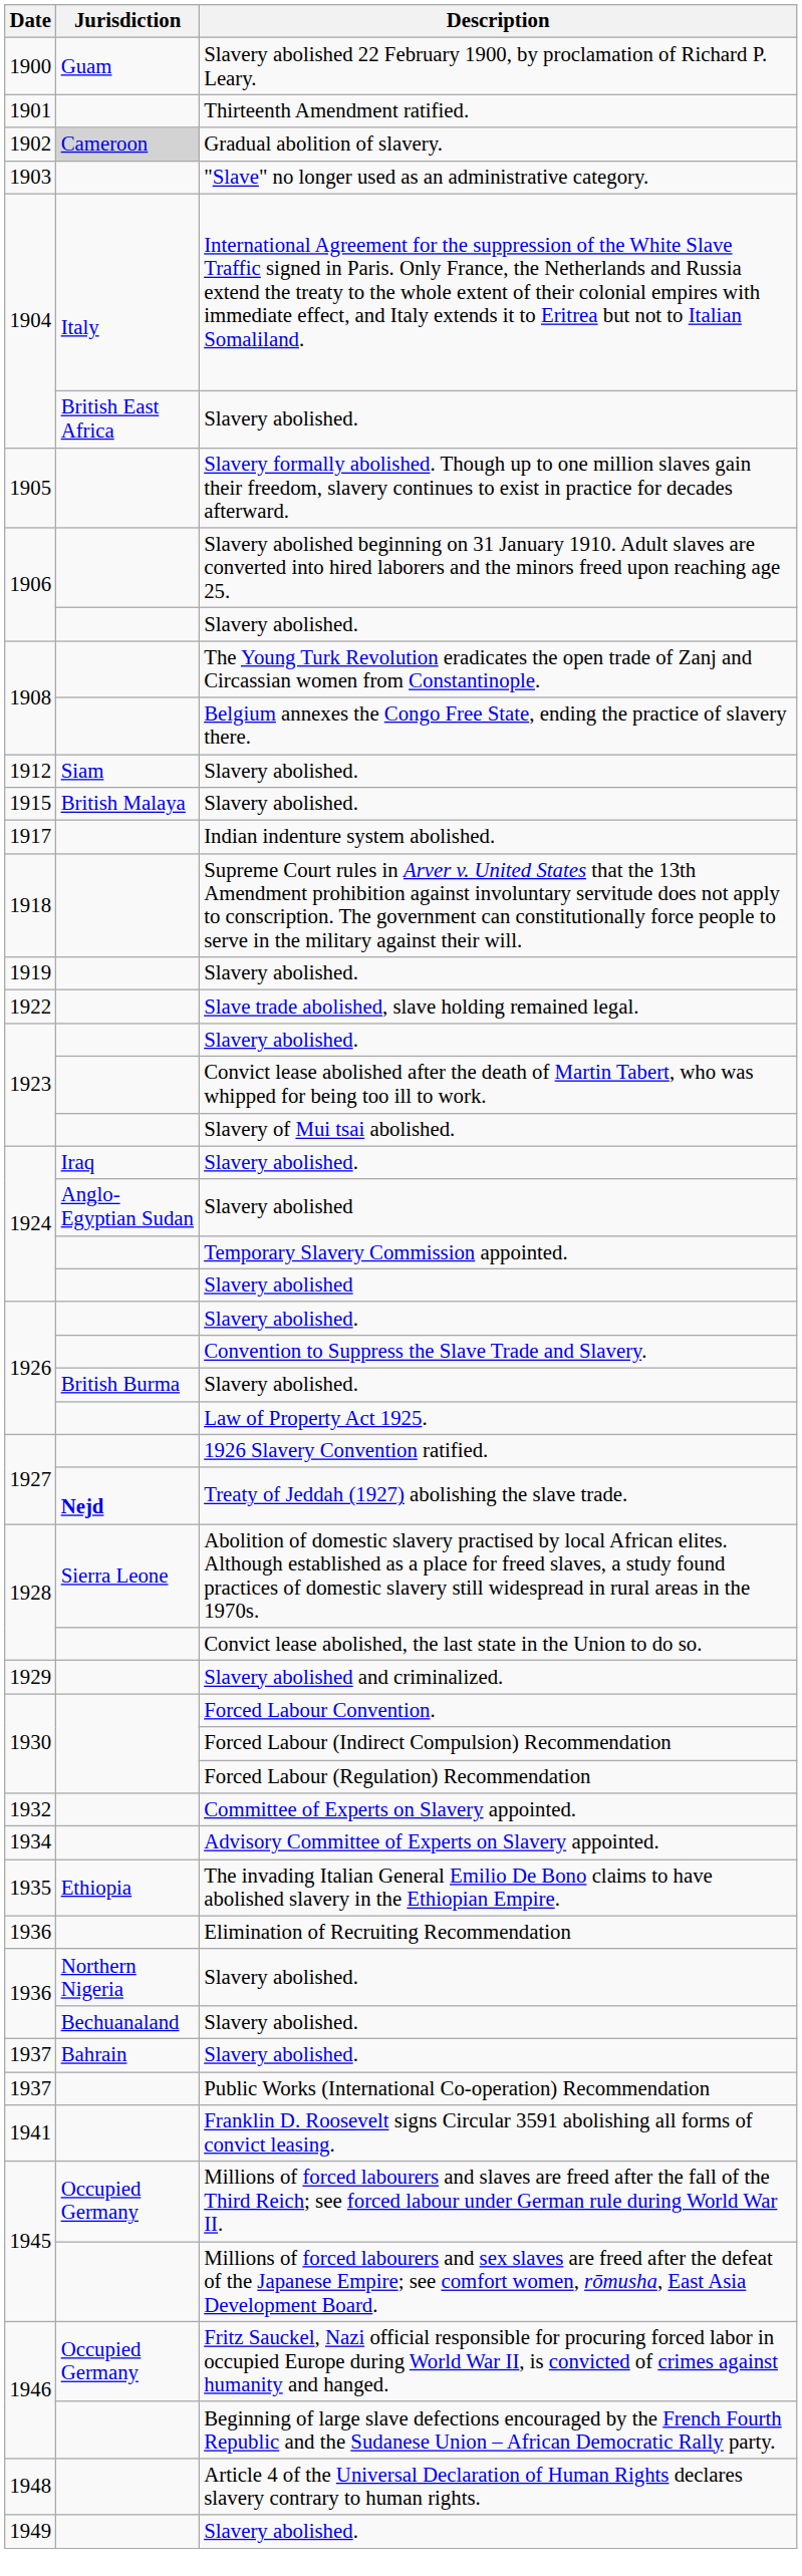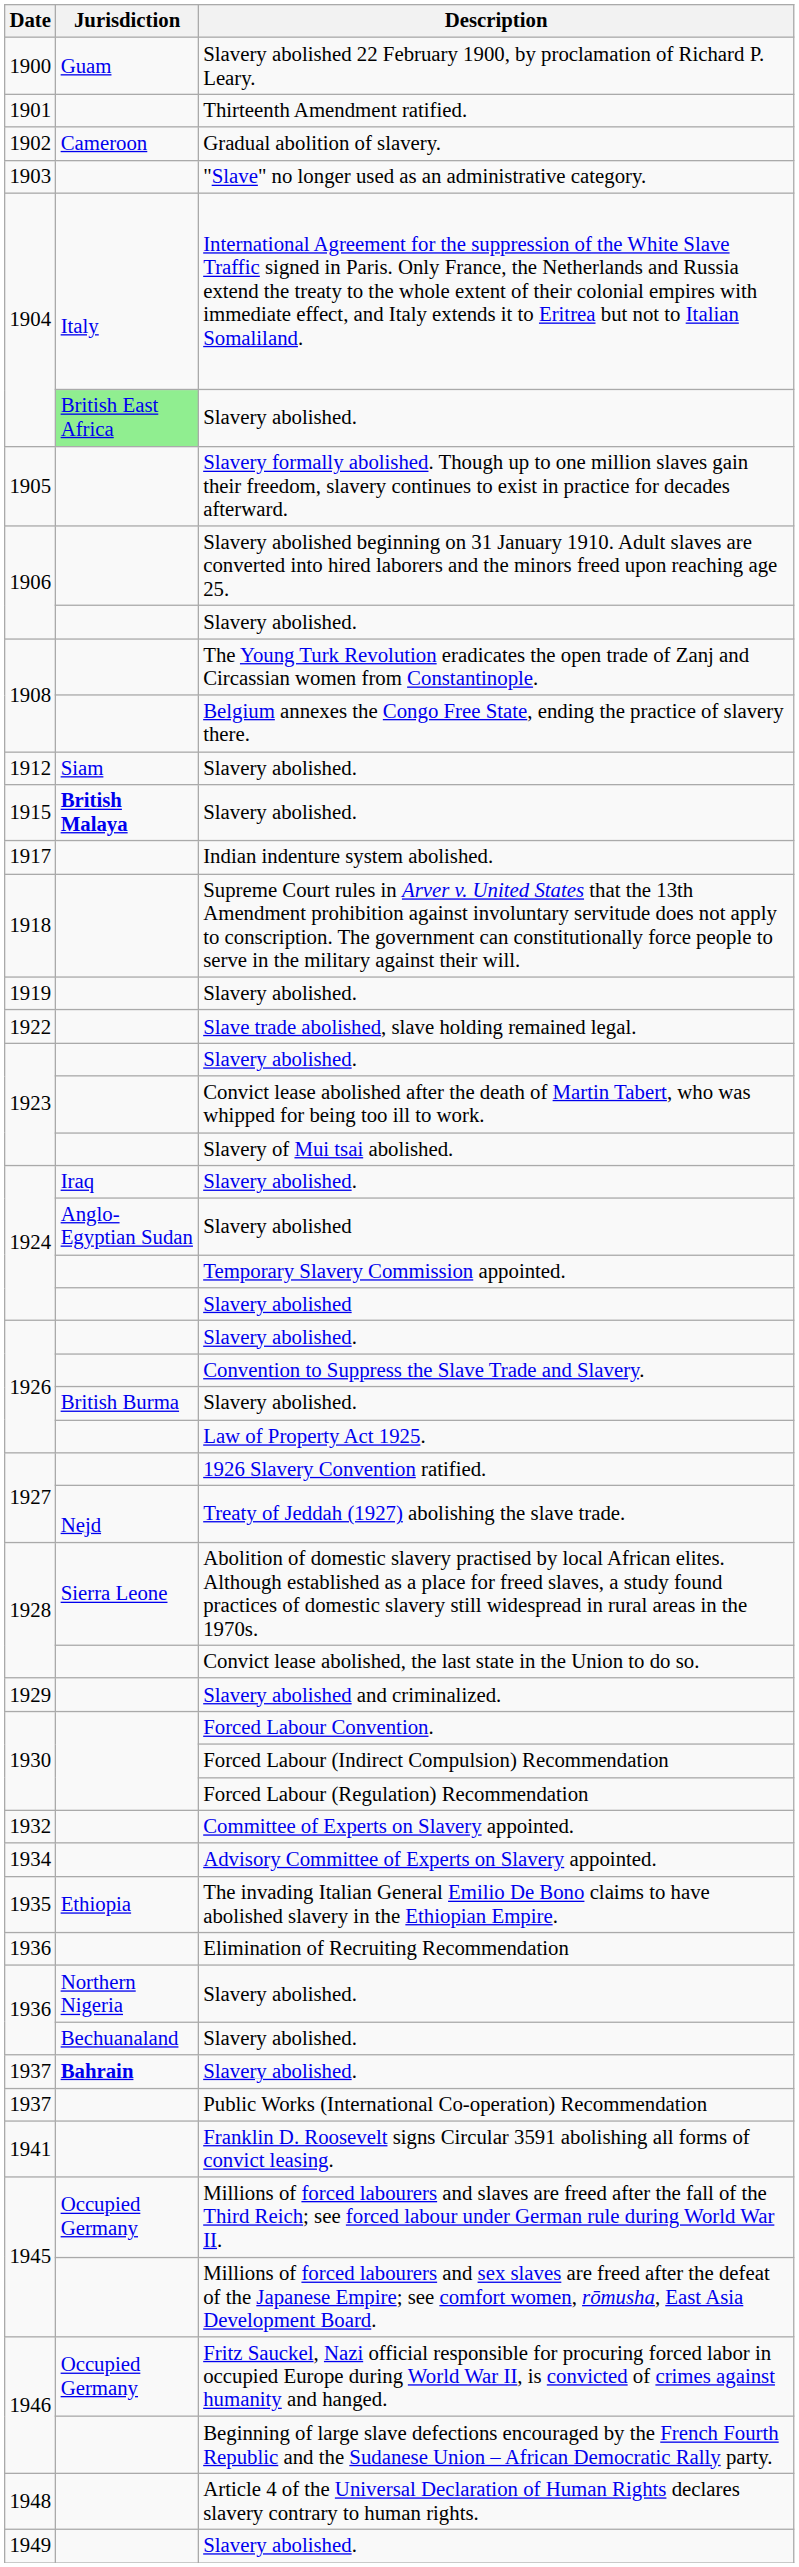 <table class=wikitable>
 <tr>
 <th>Date</th>
 <th>Jurisdiction</th>
 <th>Description</th>
 </tr>
 <tr>
 <td>1900</td>
 <td> <a href='#'>Guam</a></td>
 <td>Slavery abolished 22 February 1900, by proclamation of Richard P. Leary.</td>
 </tr>
 <tr>
 <td>1901</td>
 <td></td>
 <td>Thirteenth Amendment ratified.</td>
 </tr>
 <tr>
 <td>1902</td>
-<td style="background: lightgrey;"> <a href='#'>Cameroon</a></td>
+<td> <a href='#'>Cameroon</a></td>
 <td>Gradual abolition of slavery.</td>
 </tr>
 <tr>
 <td>1903</td>
 <td></td>
 <td>"<a href='#'>Slave</a>" no longer used as an administrative category.</td>
 </tr>
 <tr>
 <td rowspan=2>1904</td>
 <td><br><br><br><br><br> <a href='#'>Italy</a><br><br><br></td>
 <td><a href='#'>International Agreement for the suppression of the White Slave Traffic</a> signed in Paris. Only France, the Netherlands and Russia extend the treaty to the whole extent of their colonial empires with immediate effect, and Italy extends it to <a href='#'>Eritrea</a> but not to <a href='#'>Italian Somaliland</a>.</td>
 </tr>
 <tr>
-<td> <a href='#'>British East Africa</a></td>
+<td style="background: lightgreen;"> <a href='#'>British East Africa</a></td>
 <td>Slavery abolished.</td>
 </tr>
 <tr>
 <td>1905</td>
 <td></td>
 <td><a href='#'>Slavery formally abolished</a>. Though up to one million slaves gain their freedom, slavery continues to exist in practice for decades afterward.</td>
 </tr>
 <tr>
 <td rowspan="2">1906</td>
 <td></td>
 <td>Slavery abolished beginning on 31 January 1910. Adult slaves are converted into hired laborers and the minors freed upon reaching age 25.</td>
 </tr>
 <tr>
 <td></td>
 <td>Slavery abolished.</td>
 </tr>
 <tr>
 <td rowspan="2">1908</td>
 <td></td>
 <td>The <a href='#'>Young Turk Revolution</a> eradicates the open trade of Zanj and Circassian women from <a href='#'>Constantinople</a>.</td>
 </tr>
 <tr>
 <td></td>
 <td><a href='#'>Belgium</a> annexes the <a href='#'>Congo Free State</a>, ending the practice of slavery there.</td>
 </tr>
 <tr>
 <td>1912</td>
 <td> <a href='#'>Siam</a></td>
 <td>Slavery abolished.</td>
 </tr>
 <tr>
 <td>1915</td>
-<td> <a href='#'>British Malaya</a></td>
+<td><strong> <a href='#'>British Malaya</a></strong></td>
 <td>Slavery abolished.</td>
 </tr>
 <tr>
 <td>1917</td>
 <td></td>
 <td>Indian indenture system abolished.</td>
 </tr>
 <tr>
 <td>1918</td>
 <td></td>
 <td>Supreme Court rules in <em><a href='#'>Arver v. United States</a></em> that the 13th Amendment prohibition against involuntary servitude does not apply to conscription. The government can constitutionally force people to serve in the military against their will.</td>
 </tr>
 <tr>
 <td>1919</td>
 <td></td>
 <td>Slavery abolished.</td>
 </tr>
 <tr>
 <td>1922</td>
 <td></td>
 <td><a href='#'>Slave trade abolished</a>, slave holding remained legal.</td>
 </tr>
 <tr>
 <td rowspan="3">1923</td>
 <td></td>
 <td><a href='#'>Slavery abolished</a>.</td>
 </tr>
 <tr>
 <td></td>
 <td>Convict lease abolished after the death of <a href='#'>Martin Tabert</a>, who was whipped for being too ill to work.</td>
 </tr>
 <tr>
 <td></td>
 <td>Slavery of <a href='#'>Mui tsai</a> abolished.</td>
 </tr>
 <tr>
 <td rowspan="4">1924</td>
 <td> <a href='#'>Iraq</a></td>
 <td><a href='#'>Slavery abolished</a>.</td>
 </tr>
 <tr>
 <td> <a href='#'>Anglo-Egyptian Sudan</a></td>
 <td>Slavery abolished</td>
 </tr>
 <tr>
 <td></td>
 <td><a href='#'>Temporary Slavery Commission</a> appointed.</td>
 </tr>
 <tr>
 <td></td>
 <td><a href='#'>Slavery abolished</a></td>
 </tr>
 <tr>
 <td rowspan="4">1926</td>
 <td></td>
 <td><a href='#'>Slavery abolished</a>.</td>
 </tr>
 <tr>
 <td></td>
 <td><a href='#'>Convention to Suppress the Slave Trade and Slavery</a>.</td>
 </tr>
 <tr>
 <td> <a href='#'>British Burma</a></td>
 <td>Slavery abolished.</td>
 </tr>
 <tr>
 <td></td>
 <td><a href='#'>Law of Property Act 1925</a>.</td>
 </tr>
 <tr>
 <td rowspan="2">1927</td>
 <td></td>
 <td><a href='#'>1926 Slavery Convention</a> ratified.</td>
 </tr>
 <tr>
-<td><strong><br> <a href='#'>Nejd</a><br></strong></td>
+<td><br> <a href='#'>Nejd</a><br></td>
 <td><a href='#'>Treaty of Jeddah (1927)</a> abolishing the slave trade.</td>
 </tr>
 <tr>
 <td rowspan="2">1928</td>
 <td> <a href='#'>Sierra Leone</a></td>
 <td>Abolition of domestic slavery practised by local African elites. Although established as a place for freed slaves, a study found practices of domestic slavery still widespread in rural areas in the 1970s.</td>
 </tr>
 <tr>
 <td></td>
 <td>Convict lease abolished, the last state in the Union to do so.</td>
 </tr>
 <tr>
 <td>1929</td>
 <td></td>
 <td><a href='#'>Slavery abolished</a> and criminalized.</td>
 </tr>
 <tr>
 <td rowspan="3">1930</td>
 <td rowspan="3"></td>
 <td><a href='#'>Forced Labour Convention</a>.</td>
 </tr>
 <tr>
 <td>Forced Labour (Indirect Compulsion) Recommendation</td>
 </tr>
 <tr>
 <td>Forced Labour (Regulation) Recommendation</td>
 </tr>
 <tr>
 <td>1932</td>
 <td></td>
 <td><a href='#'>Committee of Experts on Slavery</a> appointed.</td>
 </tr>
 <tr>
 <td>1934</td>
 <td></td>
 <td><a href='#'>Advisory Committee of Experts on Slavery</a> appointed.</td>
 </tr>
 <tr>
 <td>1935</td>
 <td> <a href='#'>Ethiopia</a></td>
 <td>The invading Italian General <a href='#'>Emilio De Bono</a> claims to have abolished slavery in the <a href='#'>Ethiopian Empire</a>.</td>
 </tr>
 <tr>
 <td>1936</td>
 <td></td>
 <td>Elimination of Recruiting Recommendation</td>
 </tr>
 <tr>
 <td rowspan=2>1936</td>
 <td> <a href='#'>Northern Nigeria</a></td>
 <td>Slavery abolished.</td>
 </tr>
 <tr>
 <td> <a href='#'>Bechuanaland</a></td>
 <td>Slavery abolished.</td>
 </tr>
 <tr>
 <td>1937</td>
-<td> <a href='#'>Bahrain</a></td>
+<td><strong> <a href='#'>Bahrain</a></strong></td>
 <td><a href='#'>Slavery abolished</a>.</td>
 </tr>
 <tr>
 <td>1937</td>
 <td></td>
 <td>Public Works (International Co-operation) Recommendation</td>
 </tr>
 <tr>
 <td>1941</td>
 <td></td>
 <td><a href='#'>Franklin D. Roosevelt</a> signs Circular 3591 abolishing all forms of <a href='#'>convict leasing</a>.</td>
 </tr>
 <tr>
 <td rowspan=2>1945</td>
 <td> <a href='#'>Occupied Germany</a></td>
 <td>Millions of <a href='#'>forced labourers</a> and slaves are freed after the fall of the <a href='#'>Third Reich</a>; see <a href='#'>forced labour under German rule during World War II</a>.</td>
 </tr>
 <tr>
 <td></td>
 <td>Millions of <a href='#'>forced labourers</a> and <a href='#'>sex slaves</a> are freed after the defeat of the <a href='#'>Japanese Empire</a>; see <a href='#'>comfort women</a>, <em><a href='#'>rōmusha</a></em>, <a href='#'>East Asia Development Board</a>.</td>
 </tr>
 <tr>
 <td rowspan="2">1946</td>
 <td> <a href='#'>Occupied Germany</a></td>
 <td><a href='#'>Fritz Sauckel</a>, <a href='#'>Nazi</a> official responsible for procuring forced labor in occupied Europe during <a href='#'>World War II</a>, is <a href='#'>convicted</a> of <a href='#'>crimes against humanity</a> and hanged.</td>
 </tr>
 <tr>
 <td></td>
 <td>Beginning of large slave defections encouraged by the <a href='#'>French Fourth Republic</a> and the <a href='#'>Sudanese Union – African Democratic Rally</a> party.</td>
 </tr>
 <tr>
 <td>1948</td>
 <td></td>
 <td>Article 4 of the <a href='#'>Universal Declaration of Human Rights</a> declares slavery contrary to human rights.</td>
 </tr>
 <tr>
 <td>1949</td>
 <td></td>
 <td><a href='#'>Slavery abolished</a>.</td>
 </tr>
 </table>
